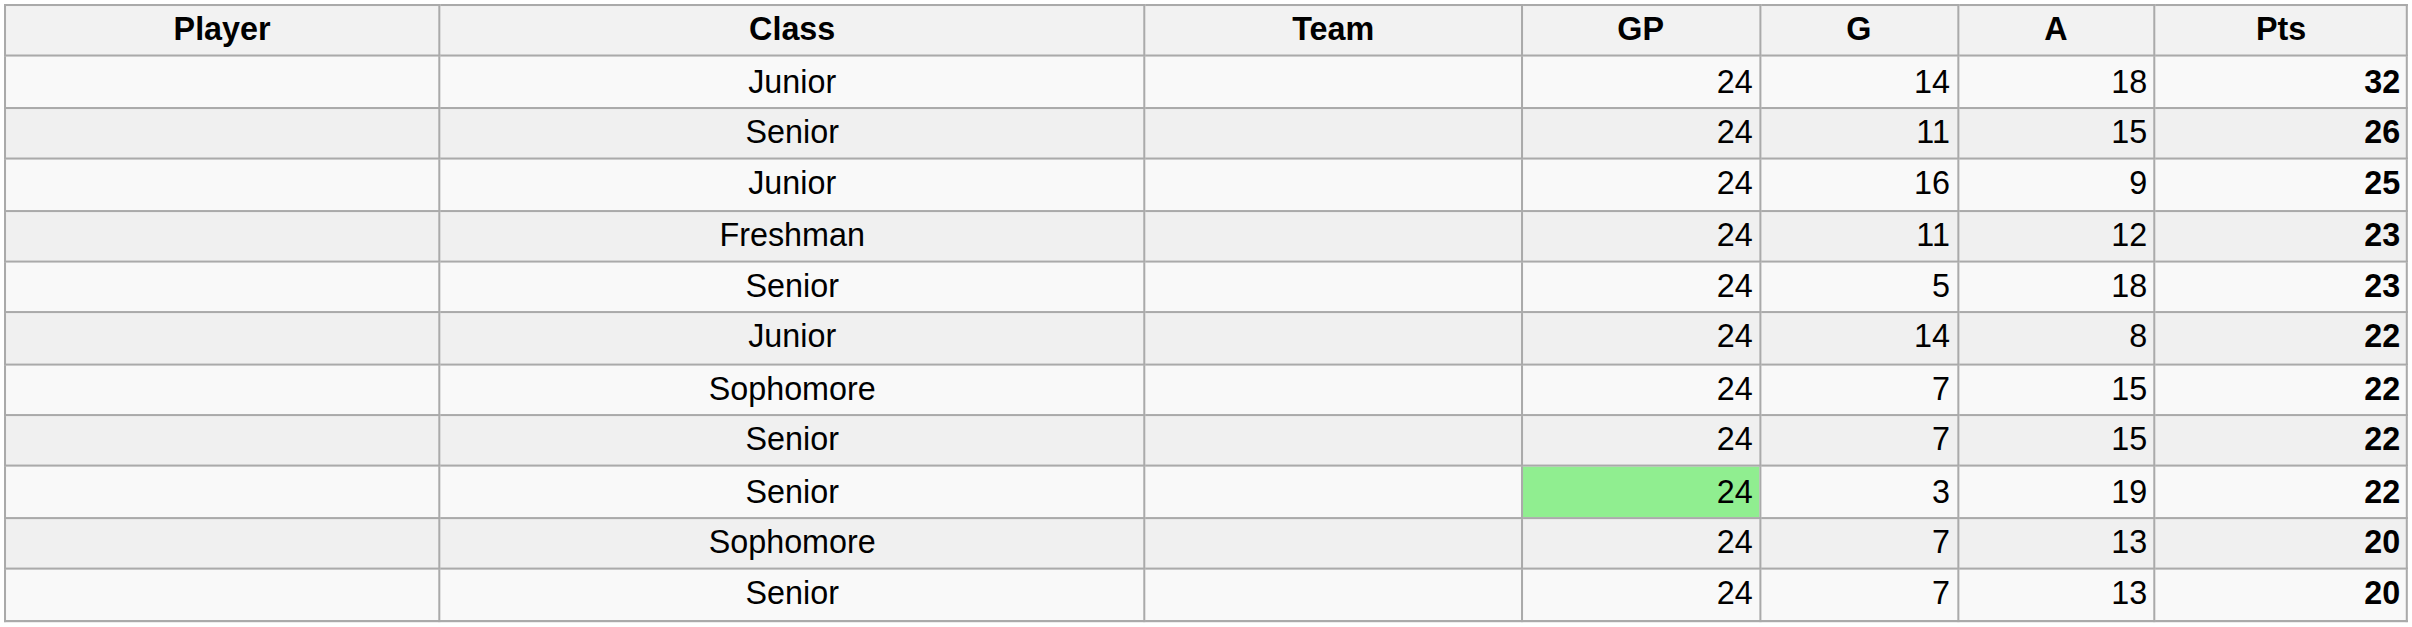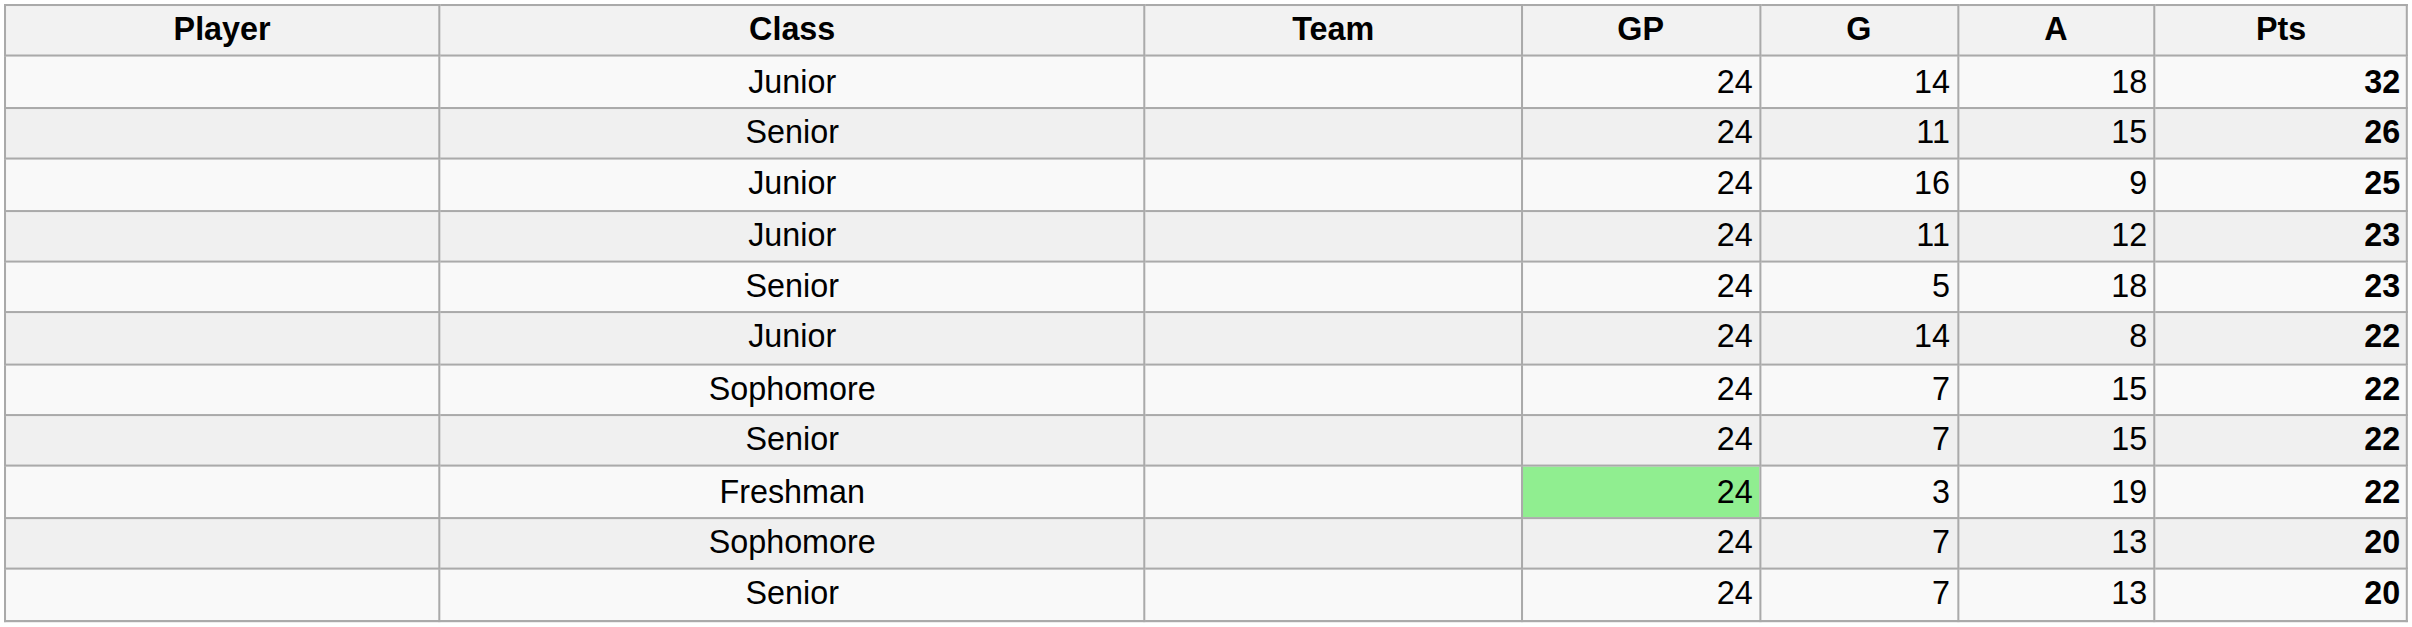 <table class="wikitable sortable" style="text-align: center; "width=60%">
 <tr>
 <th>Player</th>
 <th>Class</th>
 <th>Team</th>
 <th>GP</th>
 <th>G</th>
 <th>A</th>
 <th>Pts</th>
 </tr>
 <tr>
 <td style="text-align: left"></td>
 <td>Junior</td>
 <td><strong><a href='#'></a></strong></td>
 <td style="text-align: right">24</td>
 <td style="text-align: right">14</td>
 <td style="text-align: right">18</td>
 <td style="text-align: right"><strong>32</strong></td>
 </tr>
 <tr bgcolor=f0f0f0>
 <td style="text-align: left"></td>
 <td>Senior</td>
 <td><strong><a href='#'></a></strong></td>
 <td style="text-align: right">24</td>
 <td style="text-align: right">11</td>
 <td style="text-align: right">15</td>
 <td style="text-align: right"><strong>26</strong></td>
 </tr>
 <tr>
 <td style="text-align: left"></td>
 <td>Junior</td>
 <td><strong><a href='#'></a></strong></td>
 <td style="text-align: right">24</td>
 <td style="text-align: right">16</td>
 <td style="text-align: right">9</td>
 <td style="text-align: right"><strong>25</strong></td>
 </tr>
 <tr bgcolor=f0f0f0>
 <td style="text-align: left"></td>
-<td>Freshman</td>
+<td>Junior</td>
 <td><strong><a href='#'></a></strong></td>
 <td style="text-align: right">24</td>
 <td style="text-align: right">11</td>
 <td style="text-align: right">12</td>
 <td style="text-align: right"><strong>23</strong></td>
 </tr>
 <tr>
 <td style="text-align: left"></td>
 <td>Senior</td>
 <td><strong><a href='#'></a></strong></td>
 <td style="text-align: right">24</td>
 <td style="text-align: right">5</td>
 <td style="text-align: right">18</td>
 <td style="text-align: right"><strong>23</strong></td>
 </tr>
 <tr bgcolor=f0f0f0>
 <td style="text-align: left"></td>
 <td>Junior</td>
 <td><strong><a href='#'></a></strong></td>
 <td style="text-align: right">24</td>
 <td style="text-align: right">14</td>
 <td style="text-align: right">8</td>
 <td style="text-align: right"><strong>22</strong></td>
 </tr>
 <tr>
 <td style="text-align: left"></td>
 <td>Sophomore</td>
 <td><strong><a href='#'></a></strong></td>
 <td style="text-align: right">24</td>
 <td style="text-align: right">7</td>
 <td style="text-align: right">15</td>
 <td style="text-align: right"><strong>22</strong></td>
 </tr>
 <tr bgcolor=f0f0f0>
 <td style="text-align: left"></td>
 <td>Senior</td>
 <td><strong><a href='#'></a></strong></td>
 <td style="text-align: right">24</td>
 <td style="text-align: right">7</td>
 <td style="text-align: right">15</td>
 <td style="text-align: right"><strong>22</strong></td>
 </tr>
 <tr>
 <td style="text-align: left"></td>
-<td>Senior</td>
+<td>Freshman</td>
 <td><strong><a href='#'></a></strong></td>
 <td style="background: lightgreen; text-align: right">24</td>
 <td style="text-align: right">3</td>
 <td style="text-align: right">19</td>
 <td style="text-align: right"><strong>22</strong></td>
 </tr>
 <tr bgcolor=f0f0f0>
 <td style="text-align: left"></td>
 <td>Sophomore</td>
 <td><strong><a href='#'></a></strong></td>
 <td style="text-align: right">24</td>
 <td style="text-align: right">7</td>
 <td style="text-align: right">13</td>
 <td style="text-align: right"><strong>20</strong></td>
 </tr>
 <tr>
 <td style="text-align: left"></td>
 <td>Senior</td>
 <td><strong><a href='#'></a></strong></td>
 <td style="text-align: right">24</td>
 <td style="text-align: right">7</td>
 <td style="text-align: right">13</td>
 <td style="text-align: right"><strong>20</strong></td>
 </tr>
 <tr>
 </tr>
 </table>
